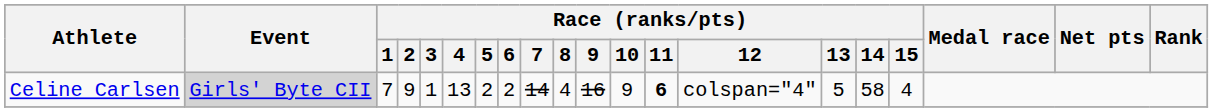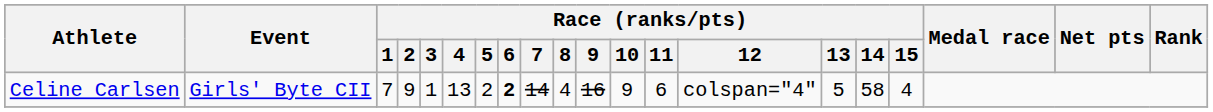 <table class="wikitable" style="font-size:90%; text-align:center;">
 <tr>
 <th rowspan="2">Athlete</th>
 <th rowspan="2">Event</th>
 <th colspan="15">Race (ranks/pts)</th>
 <th rowspan="2">Medal race</th>
 <th rowspan="2">Net pts</th>
 <th rowspan="2">Rank</th>
 </tr>
 <tr>
 <th>1</th>
 <th>2</th>
 <th>3</th>
 <th>4</th>
 <th>5</th>
 <th>6</th>
 <th>7</th>
 <th>8</th>
 <th>9</th>
 <th>10</th>
 <th>11</th>
 <th>12</th>
 <th>13</th>
 <th>14</th>
 <th>15</th>
 </tr>
 <tr>
 <td style="text-align:left;"><a href='#'>Celine Carlsen</a></td>
-<td style="background: lightgrey;"><a href='#'>Girls' Byte CII</a></td>
+<td><a href='#'>Girls' Byte CII</a></td>
 <td>7</td>
 <td>9</td>
 <td>1</td>
 <td>13</td>
 <td>2</td>
-<td>2</td>
+<td><strong>2</strong></td>
 <td><s>14</s></td>
 <td>4</td>
 <td><s>16</s></td>
 <td>9</td>
-<td><strong>6</strong></td>
+<td>6</td>
 <td>colspan="4" </td>
 <td>5</td>
 <td>58</td>
 <td>4</td>
 </tr>
 </table>
